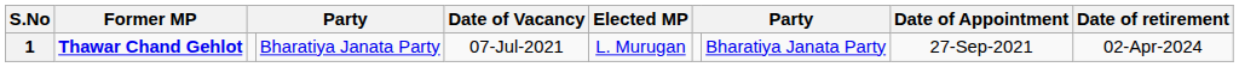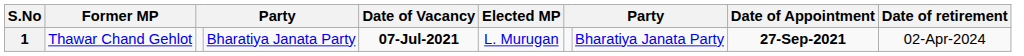 <table class="wikitable sortable">
 <tr>
 <th>S.No</th>
 <th>Former MP</th>
 <th colspan="2">Party</th>
 <th>Date of Vacancy</th>
 <th>Elected MP</th>
 <th colspan="2">Party</th>
 <th><strong>Date of Appointment</strong></th>
 <th>Date of retirement</th>
 </tr>
 <tr style="text-align:center;">
 <th>1</th>
-<td><strong><a href='#'>Thawar Chand Gehlot</a></strong></td>
+<td><a href='#'>Thawar Chand Gehlot</a></td>
 <td width="1px"></td>
 <td><a href='#'>Bharatiya Janata Party</a></td>
-<td>07-Jul-2021</td>
+<td><strong>07-Jul-2021</strong></td>
 <td><a href='#'>L. Murugan</a></td>
 <td width="1px"></td>
 <td><a href='#'>Bharatiya Janata Party</a></td>
-<td>27-Sep-2021</td>
+<td><strong>27-Sep-2021</strong></td>
 <td>02-Apr-2024</td>
 </tr>
 </table>
